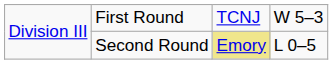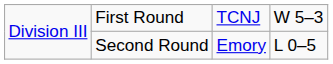 <table class="wikitable">
 <tr>
 <td rowspan="5"><a href='#'>Division III</a></td>
 <td>First Round</td>
 <td><a href='#'>TCNJ</a></td>
 <td>W 5–3</td>
 </tr>
 <tr>
 <td>Second Round</td>
-<td style="background: khaki;"><a href='#'>Emory</a></td>
+<td><a href='#'>Emory</a></td>
 <td>L 0–5</td>
 </tr>
 </table>
